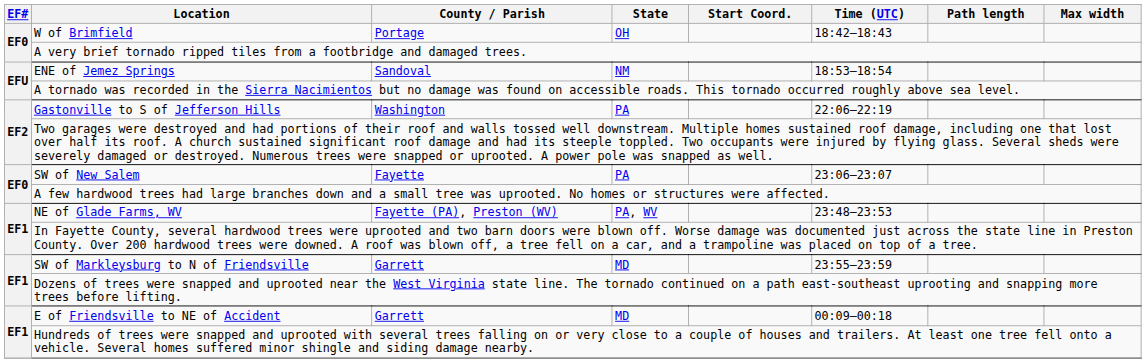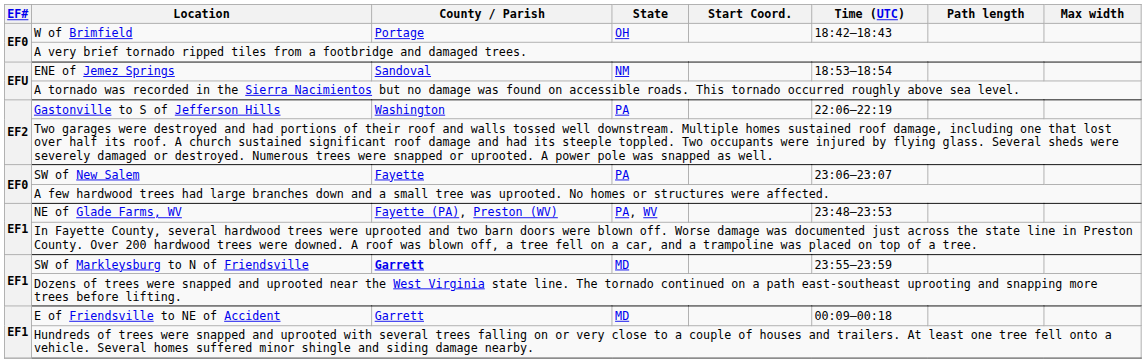 <table class="wikitable sortable" style="width:100%;">
 <tr>
 <th scope="col" width="2%" align="center"><a href='#'>EF#</a></th>
 <th scope="col" align="center" class="unsortable">Location</th>
 <th scope="col" align="center" class="unsortable">County / Parish</th>
 <th scope="col" align="center">State</th>
 <th scope="col" align="center">Start Coord.</th>
 <th scope="col" align="center">Time (<a href='#'>UTC</a>)</th>
 <th scope="col" align="center">Path length</th>
 <th scope="col" align="center">Max width</th>
 </tr>
 <tr>
 <th scope="row" rowspan="2" style="background-color:#">EF0</th>
 <td>W of <a href='#'>Brimfield</a></td>
 <td><a href='#'>Portage</a></td>
 <td><a href='#'>OH</a></td>
 <td></td>
 <td>18:42–18:43</td>
 <td></td>
 <td></td>
 </tr>
 <tr class="expand-child">
 <td colspan="8" style=" border-bottom: 1px solid black;">A very brief tornado ripped tiles from a footbridge and damaged trees.</td>
 </tr>
 <tr>
 <th scope="row" rowspan="2" style="background-color:#">EFU</th>
 <td>ENE of <a href='#'>Jemez Springs</a></td>
 <td><a href='#'>Sandoval</a></td>
 <td><a href='#'>NM</a></td>
 <td></td>
 <td>18:53–18:54</td>
 <td></td>
 <td></td>
 </tr>
 <tr class="expand-child">
 <td colspan="8" style=" border-bottom: 1px solid black;">A tornado was recorded in the <a href='#'>Sierra Nacimientos</a> but no damage was found on accessible roads. This tornado occurred roughly  above sea level.</td>
 </tr>
 <tr>
 <th scope="row" rowspan="2" style="background-color:#">EF2</th>
 <td><a href='#'>Gastonville</a> to S of <a href='#'>Jefferson Hills</a></td>
 <td><a href='#'>Washington</a></td>
 <td><a href='#'>PA</a></td>
 <td></td>
 <td>22:06–22:19</td>
 <td></td>
 <td></td>
 </tr>
 <tr class="expand-child">
 <td colspan="8" style=" border-bottom: 1px solid black;">Two garages were destroyed and had portions of their roof and walls tossed well downstream. Multiple homes sustained roof damage, including one that lost over half its roof. A church sustained significant roof damage and had its steeple toppled. Two occupants were injured by flying glass. Several sheds were severely damaged or destroyed. Numerous trees were snapped or uprooted. A power pole was snapped as well.</td>
 </tr>
 <tr>
 <th scope="row" rowspan="2" style="background-color:#">EF0</th>
 <td>SW of <a href='#'>New Salem</a></td>
 <td><a href='#'>Fayette</a></td>
 <td><a href='#'>PA</a></td>
 <td></td>
 <td>23:06–23:07</td>
 <td></td>
 <td></td>
 </tr>
 <tr class="expand-child">
 <td colspan="8" style=" border-bottom: 1px solid black;">A few hardwood trees had large branches down and a small tree was uprooted. No homes or structures were affected.</td>
 </tr>
 <tr>
 <th scope="row" rowspan="2" style="background-color:#">EF1</th>
 <td>NE of <a href='#'>Glade Farms, WV</a></td>
 <td><a href='#'>Fayette (PA)</a>, <a href='#'>Preston (WV)</a></td>
 <td><a href='#'>PA</a>, <a href='#'>WV</a></td>
 <td></td>
 <td>23:48–23:53</td>
 <td></td>
 <td></td>
 </tr>
 <tr class="expand-child">
 <td colspan="8" style=" border-bottom: 1px solid black;">In Fayette County, several hardwood trees were uprooted and two barn doors were blown off. Worse damage was documented just across the state line in Preston County. Over 200 hardwood trees were downed. A roof was blown off, a tree fell on a car, and a trampoline was placed  on top of a tree.</td>
 </tr>
 <tr>
 <th scope="row" rowspan="2" style="background-color:#">EF1</th>
 <td>SW of <a href='#'>Markleysburg</a> to N of <a href='#'>Friendsville</a></td>
-<td><a href='#'>Garrett</a></td>
+<td><strong><a href='#'>Garrett</a></strong></td>
 <td><a href='#'>MD</a></td>
 <td></td>
 <td>23:55–23:59</td>
 <td></td>
 <td></td>
 </tr>
 <tr class="expand-child">
 <td colspan="8" style=" border-bottom: 1px solid black;">Dozens of trees were snapped and uprooted near the <a href='#'>West Virginia</a> state line. The tornado continued on a path east-southeast uprooting and snapping more trees before lifting.</td>
 </tr>
 <tr>
 <th scope="row" rowspan="2" style="background-color:#">EF1</th>
 <td>E of <a href='#'>Friendsville</a> to NE of <a href='#'>Accident</a></td>
 <td><a href='#'>Garrett</a></td>
 <td><a href='#'>MD</a></td>
 <td></td>
 <td>00:09–00:18</td>
 <td></td>
 <td></td>
 </tr>
 <tr class="expand-child">
 <td colspan="8" style=" border-bottom: 1px solid black;">Hundreds of trees were snapped and uprooted with several trees falling on or very close to a couple of houses and trailers. At least one tree fell onto a vehicle. Several homes suffered minor shingle and siding damage nearby.</td>
 </tr>
 <tr>
 </tr>
 </table>
